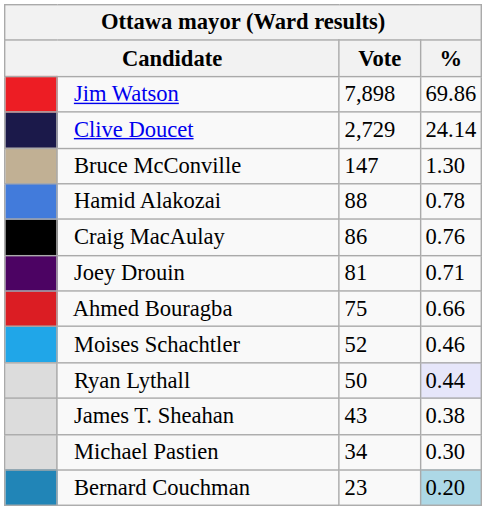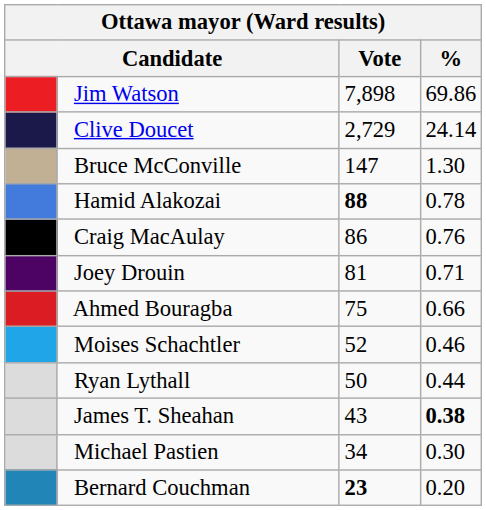 <table class="wikitable">
 <tr>
 <th colspan="4">Ottawa mayor (Ward results)</th>
 </tr>
 <tr>
 <th bgcolor="#DDDDFF" width="230px" colspan="2">Candidate</th>
 <th bgcolor="#DDDDFF" width="50px">Vote</th>
 <th bgcolor="#DDDDFF" width="30px">%</th>
 </tr>
 <tr>
 <td bgcolor=#ED1D24 width="30px"> </td>
 <td>  <a href='#'>Jim Watson</a></td>
 <td>7,898</td>
 <td>69.86</td>
 </tr>
 <tr>
 <td bgcolor=#1B194A width="30px"> </td>
 <td>  <a href='#'>Clive Doucet</a></td>
 <td>2,729</td>
 <td>24.14</td>
 </tr>
 <tr>
 <td bgcolor=#C1B094 width="30px"> </td>
 <td>  Bruce McConville</td>
 <td>147</td>
 <td>1.30</td>
 </tr>
 <tr>
 <td bgcolor=#427BDB width="30px"> </td>
 <td>  Hamid Alakozai</td>
-<td>88</td>
+<td><strong>88</strong></td>
 <td>0.78</td>
 </tr>
 <tr>
 <td bgcolor=#000000 width="30px"> </td>
 <td>  Craig MacAulay</td>
 <td>86</td>
 <td>0.76</td>
 </tr>
 <tr>
 <td bgcolor=#4C0363 width="30px"> </td>
 <td>  Joey Drouin</td>
 <td>81</td>
 <td>0.71</td>
 </tr>
 <tr>
 <td bgcolor=#DB1D23 width="30px"> </td>
 <td>  Ahmed Bouragba</td>
 <td>75</td>
 <td>0.66</td>
 </tr>
 <tr>
 <td bgcolor=#20A6E8 width="30px"> </td>
 <td>  Moises Schachtler</td>
 <td>52</td>
 <td>0.46</td>
 </tr>
 <tr>
 <td bgcolor=#DCDCDC width="30px"> </td>
 <td>  Ryan Lythall</td>
 <td>50</td>
-<td style="background: lavender;">0.44</td>
+<td>0.44</td>
 </tr>
 <tr>
 <td bgcolor=#DCDCDC width="30px"> </td>
 <td>  James T. Sheahan</td>
 <td>43</td>
-<td>0.38</td>
+<td><strong>0.38</strong></td>
 </tr>
 <tr>
 <td bgcolor=#DCDCDC width="30px"> </td>
 <td>  Michael Pastien</td>
 <td>34</td>
 <td>0.30</td>
 </tr>
 <tr>
 <td bgcolor=#2185B7 width="30px"> </td>
 <td>  Bernard Couchman</td>
-<td>23</td>
-<td style="background: lightblue;">0.20</td>
+<td><strong>23</strong></td>
+<td>0.20</td>
 </tr>
 </table>
